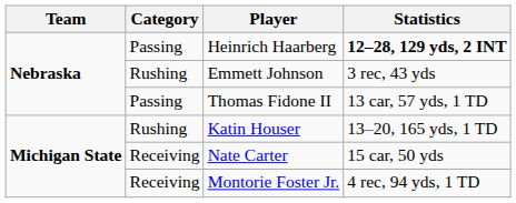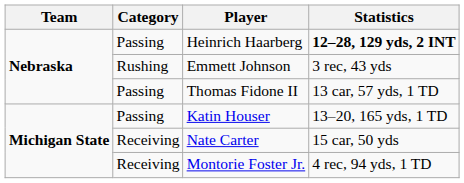 <table class="wikitable" style="float: right;">
 <tr>
 <th>Team</th>
 <th>Category</th>
 <th>Player</th>
 <th>Statistics</th>
 </tr>
 <tr>
 <td rowspan=3><strong>Nebraska</strong></td>
 <td>Passing</td>
 <td>Heinrich Haarberg</td>
 <td><strong>12–28, 129 yds, 2 INT</strong></td>
 </tr>
 <tr>
 <td>Rushing</td>
 <td>Emmett Johnson</td>
 <td>3 rec, 43 yds</td>
 </tr>
 <tr>
 <td>Passing</td>
 <td>Thomas Fidone II</td>
 <td>13 car, 57 yds, 1 TD</td>
 </tr>
 <tr>
 <td rowspan=3><strong>Michigan State</strong></td>
-<td>Rushing</td>
+<td>Passing</td>
 <td><a href='#'>Katin Houser</a></td>
 <td>13–20, 165 yds, 1 TD</td>
 </tr>
 <tr>
 <td>Receiving</td>
 <td><a href='#'>Nate Carter</a></td>
 <td>15 car, 50 yds</td>
 </tr>
 <tr>
 <td>Receiving</td>
 <td><a href='#'>Montorie Foster Jr.</a></td>
 <td>4 rec, 94 yds, 1 TD</td>
 </tr>
 </table>
